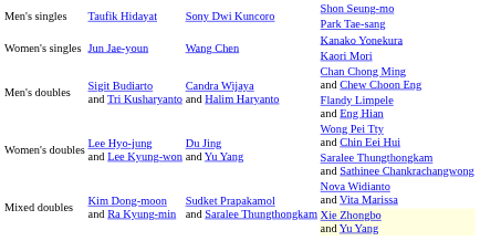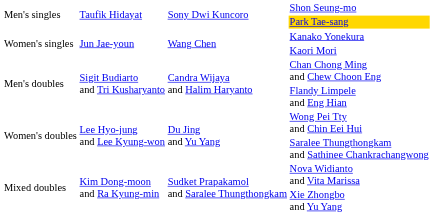 <table>
 <tr>
 <td rowspan=2>Men's singles</td>
 <td rowspan=2> <a href='#'>Taufik Hidayat</a></td>
 <td rowspan=2> <a href='#'>Sony Dwi Kuncoro</a></td>
 <td> <a href='#'>Shon Seung-mo</a></td>
 </tr>
 <tr>
-<td> <a href='#'>Park Tae-sang</a></td>
+<td style="background: gold;"> <a href='#'>Park Tae-sang</a></td>
 </tr>
 <tr>
 <td rowspan=2>Women's singles</td>
 <td rowspan=2> <a href='#'>Jun Jae-youn</a></td>
 <td rowspan=2> <a href='#'>Wang Chen</a></td>
 <td> <a href='#'>Kanako Yonekura</a></td>
 </tr>
 <tr>
 <td> <a href='#'>Kaori Mori</a></td>
 </tr>
 <tr>
 <td rowspan=2>Men's doubles</td>
 <td rowspan=2> <a href='#'>Sigit Budiarto</a><br>and <a href='#'>Tri Kusharyanto</a></td>
 <td rowspan=2> <a href='#'>Candra Wijaya</a><br>and <a href='#'>Halim Haryanto</a></td>
 <td> <a href='#'>Chan Chong Ming</a><br>and <a href='#'>Chew Choon Eng</a></td>
 </tr>
 <tr>
 <td> <a href='#'>Flandy Limpele</a><br>and <a href='#'>Eng Hian</a></td>
 </tr>
 <tr>
 <td rowspan=2>Women's doubles</td>
 <td rowspan=2> <a href='#'>Lee Hyo-jung</a><br>and <a href='#'>Lee Kyung-won</a></td>
 <td rowspan=2> <a href='#'>Du Jing</a><br>and <a href='#'>Yu Yang</a></td>
 <td> <a href='#'>Wong Pei Tty</a><br>and <a href='#'>Chin Eei Hui</a></td>
 </tr>
 <tr>
 <td> <a href='#'>Saralee Thungthongkam</a><br>and <a href='#'>Sathinee Chankrachangwong</a></td>
 </tr>
 <tr>
 <td rowspan=2>Mixed doubles</td>
 <td rowspan=2> <a href='#'>Kim Dong-moon</a><br>and <a href='#'>Ra Kyung-min</a></td>
 <td rowspan=2> <a href='#'>Sudket Prapakamol</a><br>and <a href='#'>Saralee Thungthongkam</a></td>
 <td> <a href='#'>Nova Widianto</a><br>and <a href='#'>Vita Marissa</a></td>
 </tr>
 <tr>
-<td style="background: lightyellow;"> <a href='#'>Xie Zhongbo</a><br>and <a href='#'>Yu Yang</a></td>
+<td> <a href='#'>Xie Zhongbo</a><br>and <a href='#'>Yu Yang</a></td>
 </tr>
 </table>
